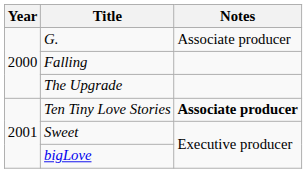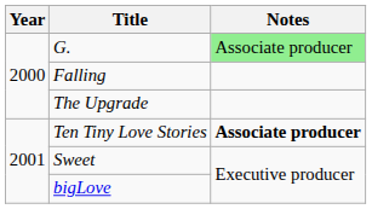 <table class="wikitable">
 <tr>
 <th>Year</th>
 <th>Title</th>
 <th>Notes</th>
 </tr>
 <tr>
 <td rowspan=3>2000</td>
 <td><em>G.</em></td>
-<td>Associate producer</td>
+<td style="background: lightgreen;">Associate producer</td>
 </tr>
 <tr>
 <td><em>Falling</em></td>
 <td></td>
 </tr>
 <tr>
 <td><em>The Upgrade</em></td>
 <td></td>
 </tr>
 <tr>
 <td rowspan=3>2001</td>
 <td><em>Ten Tiny Love Stories</em></td>
 <td><strong>Associate producer</strong></td>
 </tr>
 <tr>
 <td><em>Sweet</em></td>
 <td rowspan=2>Executive producer</td>
 </tr>
 <tr>
 <td><em><a href='#'>bigLove</a></em></td>
 </tr>
 </table>
